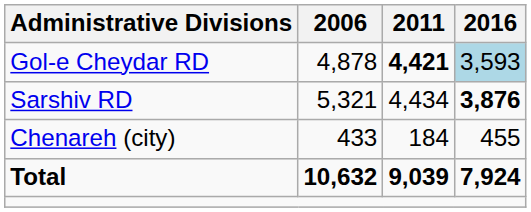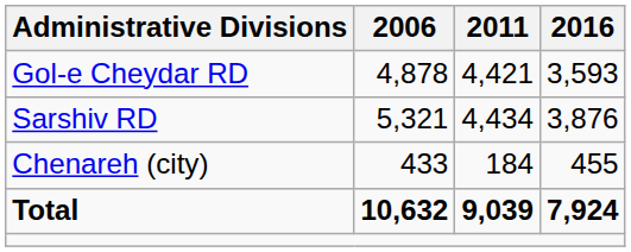 <table class="wikitable">
 <tr>
 <th>Administrative Divisions</th>
 <th>2006</th>
 <th>2011</th>
 <th>2016</th>
 </tr>
 <tr>
 <td><a href='#'>Gol-e Cheydar RD</a></td>
 <td style="text-align: right;">4,878</td>
-<td style="text-align: right;"><strong>4,421</strong></td>
-<td style="background: lightblue; text-align: right;">3,593</td>
+<td style="text-align: right;">4,421</td>
+<td style="text-align: right;">3,593</td>
 </tr>
 <tr>
 <td><a href='#'>Sarshiv RD</a></td>
 <td style="text-align: right;">5,321</td>
 <td style="text-align: right;">4,434</td>
-<td style="text-align: right;"><strong>3,876</strong></td>
+<td style="text-align: right;">3,876</td>
 </tr>
 <tr>
 <td><a href='#'>Chenareh</a> (city)</td>
 <td style="text-align: right;">433</td>
 <td style="text-align: right;">184</td>
 <td style="text-align: right;">455</td>
 </tr>
 <tr>
 <td><strong>Total</strong></td>
 <td style="text-align: right;"><strong>10,632</strong></td>
 <td style="text-align: right;"><strong>9,039</strong></td>
 <td style="text-align: right;"><strong>7,924</strong></td>
 </tr>
 <tr>
 <td colspan=4></td>
 </tr>
 </table>
